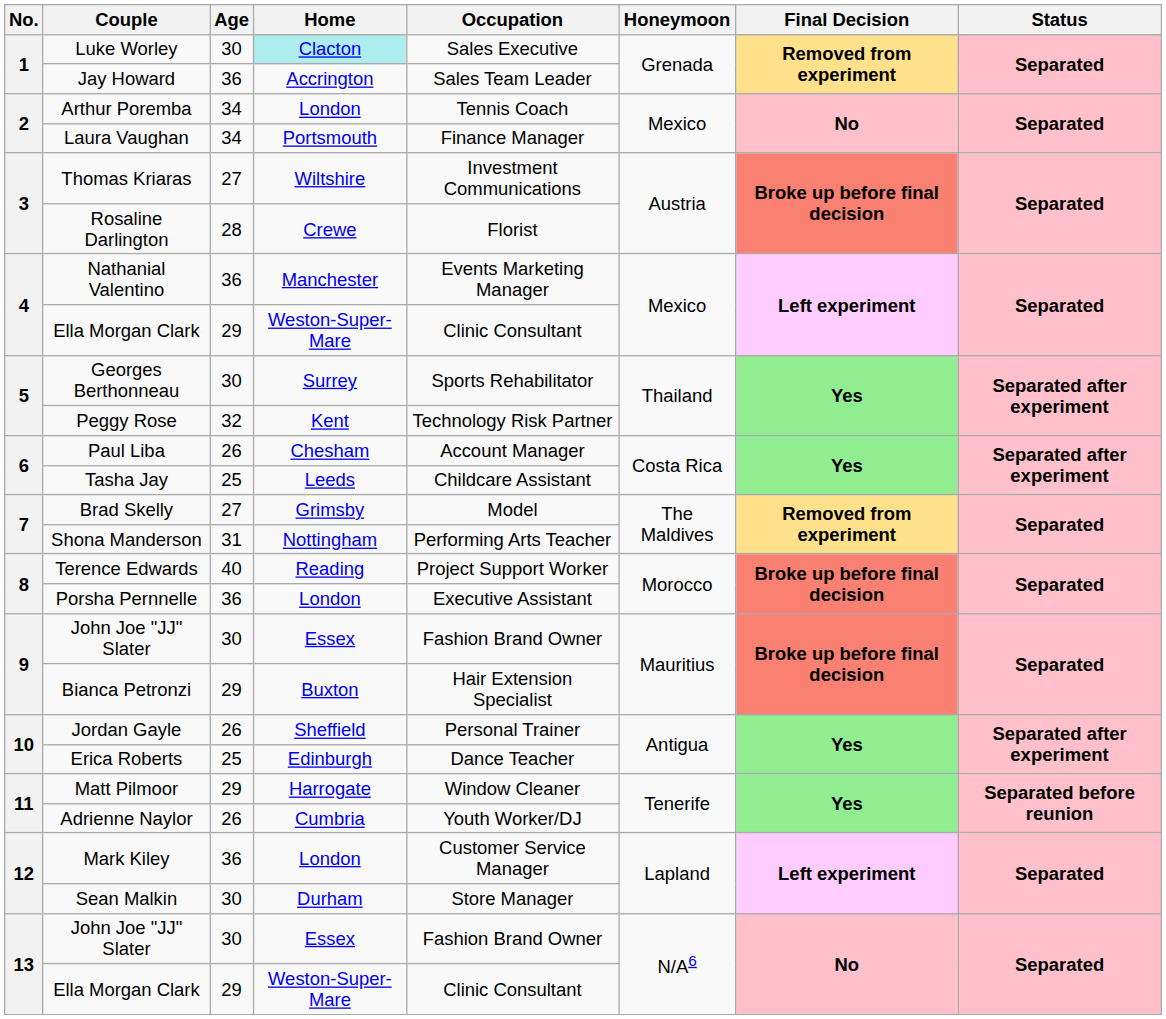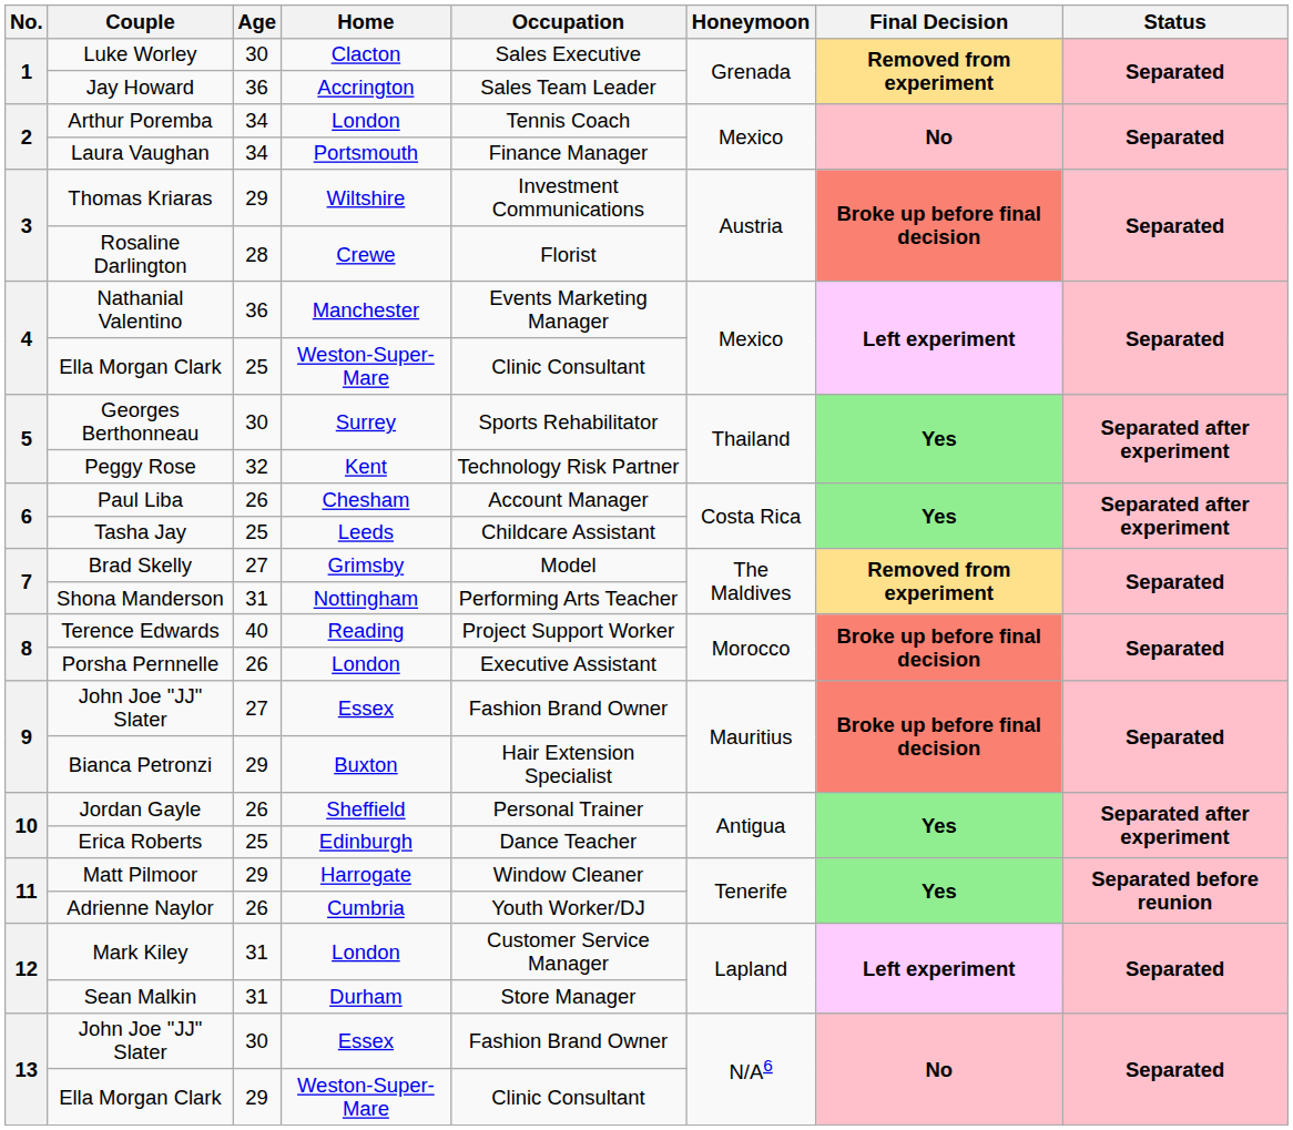 <table class="wikitable plainrowheaders" style="text-align:center; width:100%; font-size:88%;">
 <tr>
 <th>No.</th>
 <th>Couple</th>
 <th>Age</th>
 <th>Home</th>
 <th>Occupation</th>
 <th>Honeymoon</th>
 <th>Final Decision</th>
 <th>Status</th>
 </tr>
 <tr>
 <th rowspan="2">1</th>
 <td>Luke Worley</td>
 <td>30</td>
-<td style="background: paleturquoise;"><a href='#'>Clacton</a></td>
+<td><a href='#'>Clacton</a></td>
 <td>Sales Executive</td>
 <td rowspan="2">Grenada</td>
 <th rowspan="2" style="background:#ffe08b;">Removed from experiment</th>
 <th rowspan="2" style="background:pink;">Separated</th>
 </tr>
 <tr>
 <td>Jay Howard</td>
 <td>36</td>
 <td><a href='#'>Accrington</a></td>
 <td>Sales Team Leader</td>
 </tr>
 <tr>
 <th rowspan="2">2</th>
 <td>Arthur Poremba</td>
 <td>34</td>
 <td><a href='#'>London</a></td>
 <td>Tennis Coach</td>
 <td rowspan="2">Mexico</td>
 <th rowspan="2" style="background:pink;">No</th>
 <th rowspan="2" style="background:pink;">Separated</th>
 </tr>
 <tr>
 <td>Laura Vaughan</td>
 <td>34</td>
 <td><a href='#'>Portsmouth</a></td>
 <td>Finance Manager</td>
 </tr>
 <tr>
 <th rowspan="2">3</th>
 <td>Thomas Kriaras</td>
-<td>27</td>
+<td>29</td>
 <td><a href='#'>Wiltshire</a></td>
 <td>Investment Communications</td>
 <td rowspan="2">Austria</td>
 <th rowspan="2" style="background:salmon;">Broke up before final decision</th>
 <th rowspan="2" style="background:pink;">Separated</th>
 </tr>
 <tr>
 <td>Rosaline Darlington</td>
 <td>28</td>
 <td><a href='#'>Crewe</a></td>
 <td>Florist</td>
 </tr>
 <tr>
 <th rowspan="2">4</th>
 <td>Nathanial Valentino</td>
 <td>36</td>
 <td><a href='#'>Manchester</a></td>
 <td>Events Marketing Manager</td>
 <td rowspan="2">Mexico</td>
 <th rowspan="2" style="background:#fcf;">Left experiment</th>
 <th rowspan="2" style="background:pink;">Separated</th>
 </tr>
 <tr>
 <td>Ella Morgan Clark</td>
-<td>29</td>
+<td>25</td>
 <td><a href='#'>Weston-Super-Mare</a></td>
 <td>Clinic Consultant</td>
 </tr>
 <tr>
 <th rowspan="2">5</th>
 <td>Georges Berthonneau</td>
 <td>30</td>
 <td><a href='#'>Surrey</a></td>
 <td>Sports Rehabilitator</td>
 <td rowspan="2">Thailand</td>
 <th rowspan="2" style="background:lightgreen;">Yes</th>
 <th rowspan="2" style="background:pink;">Separated after experiment</th>
 </tr>
 <tr>
 <td>Peggy Rose</td>
 <td>32</td>
 <td><a href='#'>Kent</a></td>
 <td>Technology Risk Partner</td>
 </tr>
 <tr Separated>
 <th rowspan="2">6</th>
 <td>Paul Liba</td>
 <td>26</td>
 <td><a href='#'>Chesham</a></td>
 <td>Account Manager</td>
 <td rowspan="2">Costa Rica</td>
 <th rowspan="2" style="background:lightgreen;">Yes</th>
 <th rowspan="2" style="background:pink;">Separated after experiment</th>
 </tr>
 <tr>
 <td>Tasha Jay</td>
 <td>25</td>
 <td><a href='#'>Leeds</a></td>
 <td>Childcare Assistant</td>
 </tr>
 <tr Separated>
 <th rowspan="2">7</th>
 <td>Brad Skelly</td>
 <td>27</td>
 <td><a href='#'>Grimsby</a></td>
 <td>Model</td>
 <td rowspan="2">The Maldives</td>
 <th rowspan="2" style="background:#ffe08b;">Removed from experiment</th>
 <th rowspan="2" style="background:pink;">Separated</th>
 </tr>
 <tr>
 <td>Shona Manderson</td>
 <td>31</td>
 <td><a href='#'>Nottingham</a></td>
 <td>Performing Arts Teacher</td>
 </tr>
 <tr>
 <th rowspan="2">8</th>
 <td>Terence Edwards</td>
 <td>40</td>
 <td><a href='#'>Reading</a></td>
 <td>Project Support Worker</td>
 <td rowspan="2">Morocco</td>
 <th rowspan="2" style="background:salmon;">Broke up before final decision</th>
 <th rowspan="2" style="background:pink;">Separated</th>
 </tr>
 <tr>
 <td>Porsha Pernnelle</td>
-<td>36</td>
+<td>26</td>
 <td><a href='#'>London</a></td>
 <td>Executive Assistant</td>
 </tr>
 <tr>
 <th rowspan="2">9</th>
 <td>John Joe "JJ" Slater</td>
-<td>30</td>
+<td>27</td>
 <td><a href='#'>Essex</a></td>
 <td>Fashion Brand Owner</td>
 <td rowspan="2">Mauritius</td>
 <th rowspan="2" style="background:salmon;">Broke up before final decision</th>
 <th rowspan="2" style="background:pink;">Separated</th>
 </tr>
 <tr>
 <td>Bianca Petronzi</td>
 <td>29</td>
 <td><a href='#'>Buxton</a></td>
 <td>Hair Extension Specialist</td>
 </tr>
 <tr>
 <th rowspan="2">10</th>
 <td>Jordan Gayle</td>
 <td>26</td>
 <td><a href='#'>Sheffield</a></td>
 <td>Personal Trainer</td>
 <td rowspan="2">Antigua</td>
 <th rowspan="2" style="background:lightgreen;">Yes</th>
 <th rowspan="2" style="background:pink;">Separated after experiment</th>
 </tr>
 <tr>
 <td>Erica Roberts</td>
 <td>25</td>
 <td><a href='#'>Edinburgh</a></td>
 <td>Dance Teacher</td>
 </tr>
 <tr>
 <th rowspan="2">11</th>
 <td>Matt Pilmoor</td>
 <td>29</td>
 <td><a href='#'>Harrogate</a></td>
 <td>Window Cleaner</td>
 <td rowspan="2">Tenerife</td>
 <th rowspan="2" style="background:lightgreen;">Yes</th>
 <th rowspan="2" style="background:pink;">Separated before reunion</th>
 </tr>
 <tr>
 <td>Adrienne Naylor</td>
 <td>26</td>
 <td><a href='#'>Cumbria</a></td>
 <td>Youth Worker/DJ</td>
 </tr>
 <tr>
 <th rowspan="2">12</th>
 <td>Mark Kiley</td>
-<td>36</td>
+<td>31</td>
 <td><a href='#'>London</a></td>
 <td>Customer Service Manager</td>
 <td rowspan="2">Lapland</td>
 <th rowspan="2" style="background:#fcf;">Left experiment</th>
 <th rowspan="2" style="background:pink;">Separated</th>
 </tr>
 <tr>
 <td>Sean Malkin</td>
-<td>30</td>
+<td>31</td>
 <td><a href='#'>Durham</a></td>
 <td>Store Manager</td>
 </tr>
 <tr>
 <th rowspan="2">13</th>
 <td>John Joe "JJ" Slater</td>
 <td>30</td>
 <td><a href='#'>Essex</a></td>
 <td>Fashion Brand Owner</td>
 <td rowspan="2">N/A<sup><a href='#'>6</a></sup></td>
 <th rowspan="2" style="background:pink;">No</th>
 <th rowspan="2" style="background:pink;">Separated</th>
 </tr>
 <tr>
 <td>Ella Morgan Clark</td>
 <td>29</td>
 <td><a href='#'>Weston-Super-Mare</a></td>
 <td>Clinic Consultant</td>
 </tr>
 </table>
